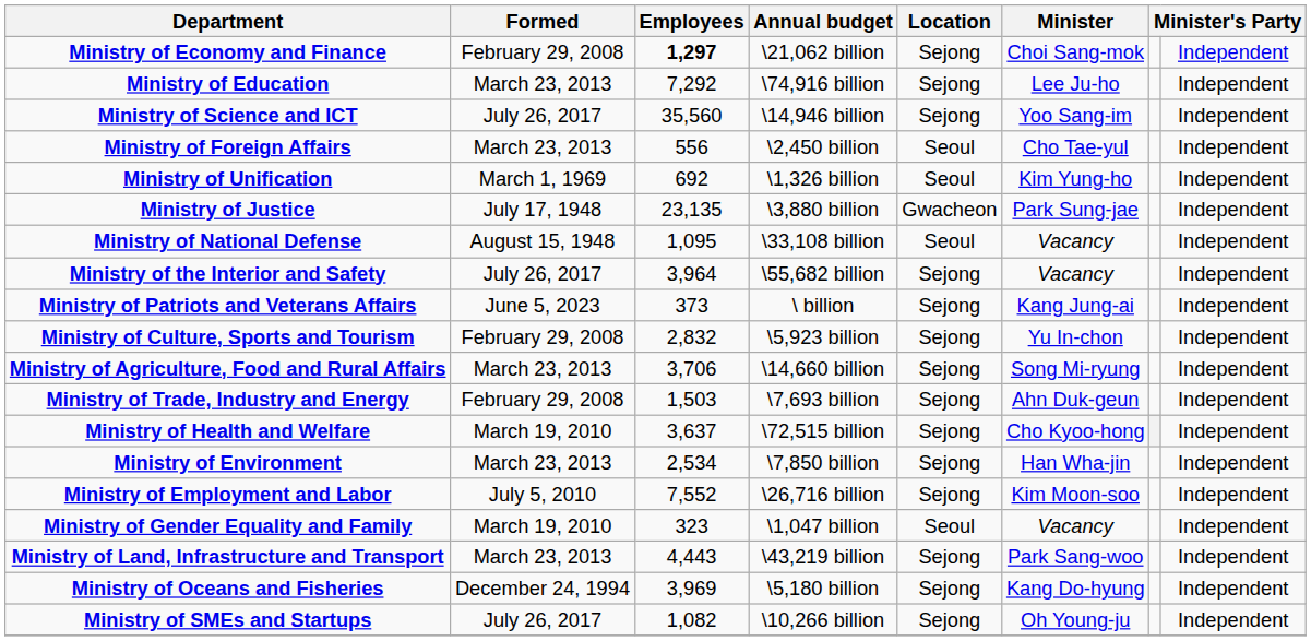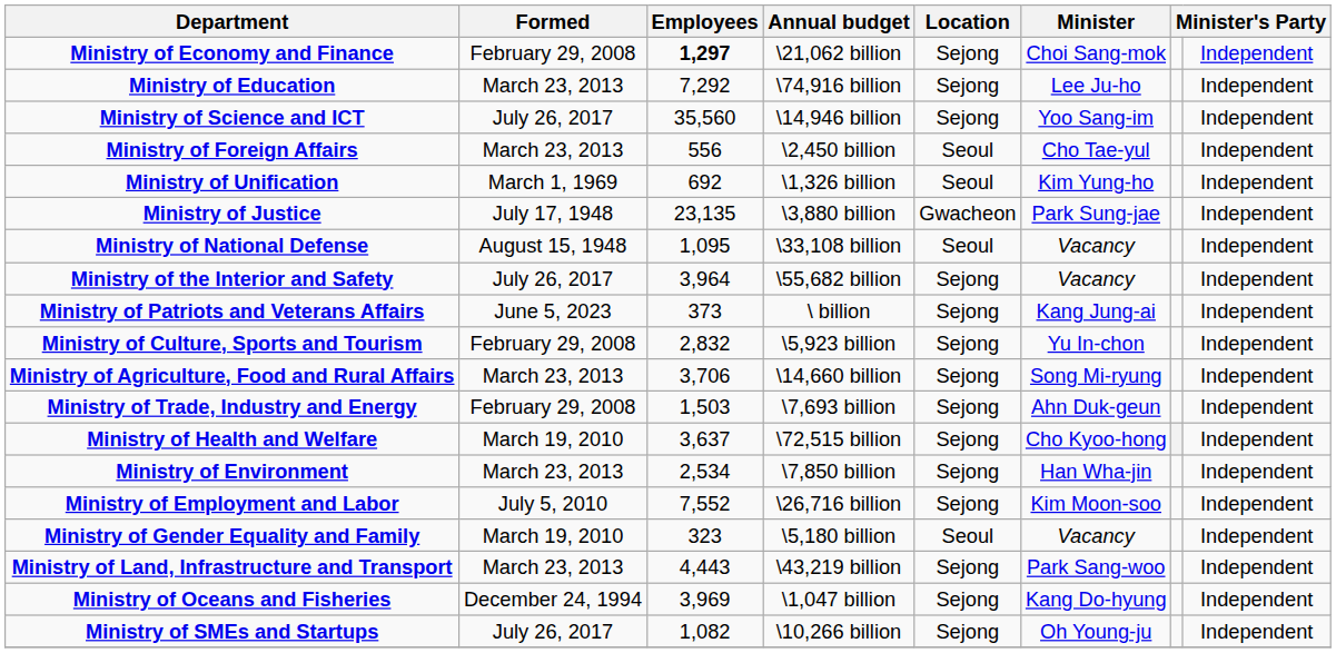 <table class="wikitable sortable" style="text-align:center; font-size: 95%;">
 <tr>
 <th>Department</th>
 <th data-sort-type=date>Formed</th>
 <th data-sort-type=number>Employees</th>
 <th data-sort-type=currency>Annual budget</th>
 <th>Location</th>
 <th>Minister</th>
 <th scope="col" colspan=2>Minister's Party</th>
 </tr>
 <tr>
 <td><strong><a href='#'>Ministry of Economy and Finance</a></strong><br></td>
 <td>February 29, 2008</td>
 <td><strong>1,297<br></strong></td>
 <td data-sort-value=21062>\21,062 billion<br></td>
 <td>Sejong</td>
 <td><a href='#'>Choi Sang-mok</a></td>
 <td style="background:"></td>
 <td><a href='#'>Independent</a></td>
 </tr>
 <tr>
 <td><strong><a href='#'>Ministry of Education</a></strong><br></td>
 <td>March 23, 2013</td>
 <td>7,292<br></td>
 <td data-sort-value=74916>\74,916 billion<br></td>
 <td>Sejong</td>
 <td><a href='#'>Lee Ju-ho</a></td>
 <td style="background:"></td>
 <td>Independent</td>
 </tr>
 <tr>
 <td><strong><a href='#'>Ministry of Science and ICT</a></strong><br></td>
 <td>July 26, 2017</td>
 <td>35,560<br></td>
 <td data-sort-value=14946>\14,946 billion<br></td>
 <td>Sejong</td>
 <td><a href='#'>Yoo Sang-im</a></td>
 <td style="background:"></td>
 <td>Independent</td>
 </tr>
 <tr>
 <td><strong><a href='#'>Ministry of Foreign Affairs</a></strong><br></td>
 <td>March 23, 2013</td>
 <td>556<br></td>
 <td data-sort-value=2450>\2,450 billion<br></td>
 <td>Seoul</td>
 <td><a href='#'>Cho Tae-yul</a></td>
 <td style="background:"></td>
 <td>Independent</td>
 </tr>
 <tr>
 <td><strong><a href='#'>Ministry of Unification</a></strong><br></td>
 <td>March 1, 1969</td>
 <td>692<br></td>
 <td data-sort-value=1326>\1,326 billion<br></td>
 <td>Seoul</td>
 <td><a href='#'>Kim Yung-ho</a></td>
 <td style="background:"></td>
 <td>Independent</td>
 </tr>
 <tr>
 <td><strong><a href='#'>Ministry of Justice</a></strong><br></td>
 <td>July 17, 1948</td>
 <td>23,135<br></td>
 <td data-sort-value=3880>\3,880 billion<br></td>
 <td>Gwacheon</td>
 <td><a href='#'>Park Sung-jae</a></td>
 <td style="background:"></td>
 <td>Independent</td>
 </tr>
 <tr>
 <td><strong><a href='#'>Ministry of National Defense</a></strong><br></td>
 <td>August 15, 1948</td>
 <td>1,095<br></td>
 <td data-sort-value=33108>\33,108 billion<br></td>
 <td>Seoul</td>
 <td><em>Vacancy</em></td>
 <td style="background:"></td>
 <td>Independent</td>
 </tr>
 <tr>
 <td><strong><a href='#'>Ministry of the Interior and Safety</a></strong><br></td>
 <td>July 26, 2017</td>
 <td>3,964<br></td>
 <td data-sort-value=55682>\55,682 billion<br></td>
 <td>Sejong</td>
 <td><em>Vacancy</em></td>
 <td style="background:"></td>
 <td>Independent</td>
 </tr>
 <tr>
 <td><strong><a href='#'>Ministry of Patriots and Veterans Affairs</a></strong><br></td>
 <td>June 5, 2023</td>
 <td>373<br></td>
 <td data-sort-value=>\ billion<br></td>
 <td>Sejong</td>
 <td><a href='#'>Kang Jung-ai</a></td>
 <td style="background:"></td>
 <td>Independent</td>
 </tr>
 <tr>
 <td><strong><a href='#'>Ministry of Culture, Sports and Tourism</a></strong><br></td>
 <td>February 29, 2008</td>
 <td>2,832<br></td>
 <td data-sort-value=5923>\5,923 billion<br></td>
 <td>Sejong</td>
 <td><a href='#'>Yu In-chon</a></td>
 <td style="background:"></td>
 <td>Independent</td>
 </tr>
 <tr>
 <td><strong><a href='#'>Ministry of Agriculture, Food and Rural Affairs</a></strong><br></td>
 <td>March 23, 2013</td>
 <td>3,706<br></td>
 <td data-sort-value=14660>\14,660 billion<br></td>
 <td>Sejong</td>
 <td><a href='#'>Song Mi-ryung</a></td>
 <td style="background:"></td>
 <td>Independent</td>
 </tr>
 <tr>
 <td><strong><a href='#'>Ministry of Trade, Industry and Energy</a></strong><br></td>
 <td>February 29, 2008</td>
 <td>1,503<br></td>
 <td data-sort-value=7693>\7,693 billion<br></td>
 <td>Sejong</td>
 <td><a href='#'>Ahn Duk-geun</a></td>
 <td style="background:"></td>
 <td>Independent</td>
 </tr>
 <tr>
 <td><strong><a href='#'>Ministry of Health and Welfare</a></strong><br></td>
 <td>March 19, 2010</td>
 <td>3,637<br></td>
 <td data-sort-value=72515>\72,515 billion<br></td>
 <td>Sejong</td>
 <td><a href='#'>Cho Kyoo-hong</a></td>
 <th style="background-color: "></th>
 <td>Independent</td>
 </tr>
 <tr>
 <td><strong><a href='#'>Ministry of Environment</a></strong><br></td>
 <td>March 23, 2013</td>
 <td>2,534<br></td>
 <td data-sort-value=7850>\7,850 billion<br></td>
 <td>Sejong</td>
 <td><a href='#'>Han Wha-jin</a></td>
 <td style="background:"></td>
 <td>Independent</td>
 </tr>
 <tr>
 <td><strong><a href='#'>Ministry of Employment and Labor</a></strong><br></td>
 <td>July 5, 2010</td>
 <td>7,552<br></td>
 <td data-sort-value=26716>\26,716 billion<br></td>
 <td>Sejong</td>
 <td><a href='#'>Kim Moon-soo</a></td>
 <td style="background:"></td>
 <td>Independent</td>
 </tr>
 <tr>
 <td><strong><a href='#'>Ministry of Gender Equality and Family</a></strong><br></td>
 <td>March 19, 2010</td>
 <td>323<br></td>
-<td data-sort-value=1047>\1,047 billion<br></td>
+<td data-sort-value=5180>\5,180 billion<br></td>
 <td>Seoul</td>
 <td><em>Vacancy</em></td>
 <td style="background:"></td>
 <td>Independent</td>
 </tr>
 <tr>
 <td><strong><a href='#'>Ministry of Land, Infrastructure and Transport</a></strong><br></td>
 <td>March 23, 2013</td>
 <td>4,443<br></td>
 <td data-sort-value=43219>\43,219 billion<br></td>
 <td>Sejong</td>
 <td><a href='#'>Park Sang-woo</a></td>
 <td style="background:"></td>
 <td>Independent</td>
 </tr>
 <tr>
 <td><strong><a href='#'>Ministry of Oceans and Fisheries</a></strong><br></td>
 <td>December 24, 1994</td>
 <td>3,969<br></td>
-<td data-sort-value=5180>\5,180 billion<br></td>
+<td data-sort-value=1047>\1,047 billion<br></td>
 <td>Sejong</td>
 <td><a href='#'>Kang Do-hyung</a></td>
 <td style="background:"></td>
 <td>Independent</td>
 </tr>
 <tr>
 <td><strong><a href='#'>Ministry of SMEs and Startups</a></strong><br></td>
 <td>July 26, 2017</td>
 <td>1,082<br></td>
 <td data-sort-value=10266>\10,266 billion<br></td>
 <td>Sejong</td>
 <td><a href='#'>Oh Young-ju</a></td>
 <td style="background:"></td>
 <td>Independent</td>
 </tr>
 <tr>
 </tr>
 </table>
